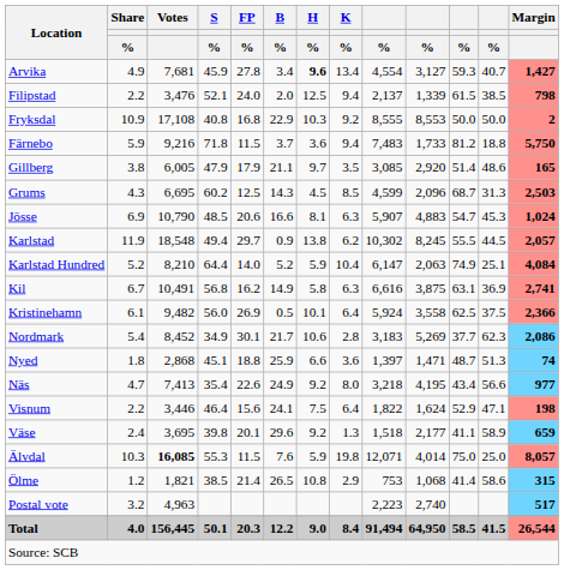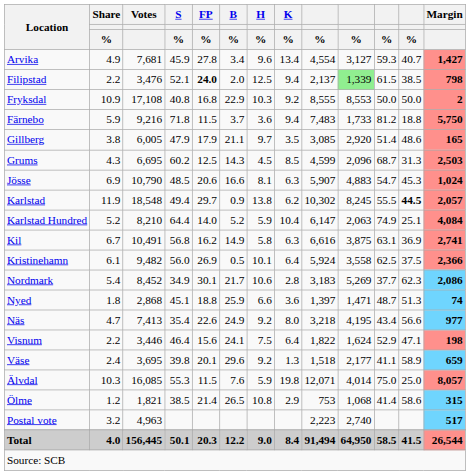 <table class="wikitable sortable" style="text-align:right; font-size:95%; line-height:20px;">
 <tr>
 <th rowspan="3">Location</th>
 <th>Share</th>
 <th>Votes</th>
 <th width="30px" class="unsortable"><a href='#'>S</a></th>
 <th width="30px" class="unsortable"><a href='#'>FP</a></th>
 <th width="30px" class="unsortable"><a href='#'>B</a></th>
 <th width="30px" class="unsortable"><a href='#'>H</a></th>
 <th width="30px" class="unsortable"><a href='#'>K</a></th>
 <th></th>
 <th></th>
 <th></th>
 <th></th>
 <th>Margin</th>
 </tr>
 <tr>
 <th></th>
 <th></th>
 <th style="background:"></th>
 <th style="background:"></th>
 <th style="background:"></th>
 <th style="background:"></th>
 <th style="background:"></th>
 <th style="background:"></th>
 <th style="background:"></th>
 <th style="background:"></th>
 <th style="background:"></th>
 <th></th>
 </tr>
 <tr>
 <th data-sort-type="number">%</th>
 <th></th>
 <th data-sort-type="number">%</th>
 <th data-sort-type="number">%</th>
 <th data-sort-type="number">%</th>
 <th data-sort-type="number">%</th>
 <th data-sort-type="number">%</th>
 <th data-sort-type="number">%</th>
 <th data-sort-type="number">%</th>
 <th data-sort-type="number">%</th>
 <th data-sort-type="number">%</th>
 <th data-sort-type="number"></th>
 </tr>
 <tr>
 <td align=left><a href='#'>Arvika</a></td>
 <td>4.9</td>
 <td>7,681</td>
 <td>45.9</td>
 <td>27.8</td>
 <td>3.4</td>
-<td><strong>9.6</strong></td>
+<td>9.6</td>
 <td>13.4</td>
 <td>4,554</td>
 <td>3,127</td>
 <td>59.3</td>
 <td>40.7</td>
 <td bgcolor=#ff908c><strong>1,427</strong></td>
 </tr>
 <tr>
 <td align=left><a href='#'>Filipstad</a></td>
 <td>2.2</td>
 <td>3,476</td>
 <td>52.1</td>
-<td>24.0</td>
+<td><strong>24.0</strong></td>
 <td>2.0</td>
 <td>12.5</td>
 <td>9.4</td>
 <td>2,137</td>
-<td>1,339</td>
+<td style="background: lightgreen;">1,339</td>
 <td>61.5</td>
 <td>38.5</td>
 <td bgcolor=#ff908c><strong>798</strong></td>
 </tr>
 <tr>
 <td align=left><a href='#'>Fryksdal</a></td>
 <td>10.9</td>
 <td>17,108</td>
 <td>40.8</td>
 <td>16.8</td>
 <td>22.9</td>
 <td>10.3</td>
 <td>9.2</td>
 <td>8,555</td>
 <td>8,553</td>
 <td>50.0</td>
 <td>50.0</td>
 <td bgcolor=#ff908c><strong>2</strong></td>
 </tr>
 <tr>
 <td align=left><a href='#'>Färnebo</a></td>
 <td>5.9</td>
 <td>9,216</td>
 <td>71.8</td>
 <td>11.5</td>
 <td>3.7</td>
 <td>3.6</td>
 <td>9.4</td>
 <td>7,483</td>
 <td>1,733</td>
 <td>81.2</td>
 <td>18.8</td>
 <td bgcolor=#ff908c><strong>5,750</strong></td>
 </tr>
 <tr>
 <td align=left><a href='#'>Gillberg</a></td>
 <td>3.8</td>
 <td>6,005</td>
 <td>47.9</td>
 <td>17.9</td>
 <td>21.1</td>
 <td>9.7</td>
 <td>3.5</td>
 <td>3,085</td>
 <td>2,920</td>
 <td>51.4</td>
 <td>48.6</td>
 <td bgcolor=#ff908c><strong>165</strong></td>
 </tr>
 <tr>
 <td align=left><a href='#'>Grums</a></td>
 <td>4.3</td>
 <td>6,695</td>
 <td>60.2</td>
 <td>12.5</td>
 <td>14.3</td>
 <td>4.5</td>
 <td>8.5</td>
 <td>4,599</td>
 <td>2,096</td>
 <td>68.7</td>
 <td>31.3</td>
 <td bgcolor=#ff908c><strong>2,503</strong></td>
 </tr>
 <tr>
 <td align=left><a href='#'>Jösse</a></td>
 <td>6.9</td>
 <td>10,790</td>
 <td>48.5</td>
 <td>20.6</td>
 <td>16.6</td>
 <td>8.1</td>
 <td>6.3</td>
 <td>5,907</td>
 <td>4,883</td>
 <td>54.7</td>
 <td>45.3</td>
 <td bgcolor=#ff908c><strong>1,024</strong></td>
 </tr>
 <tr>
 <td align=left><a href='#'>Karlstad</a></td>
 <td>11.9</td>
 <td>18,548</td>
 <td>49.4</td>
 <td>29.7</td>
 <td>0.9</td>
 <td>13.8</td>
 <td>6.2</td>
 <td>10,302</td>
 <td>8,245</td>
 <td>55.5</td>
-<td>44.5</td>
+<td><strong>44.5</strong></td>
 <td bgcolor=#ff908c><strong>2,057</strong></td>
 </tr>
 <tr>
 <td align=left><a href='#'>Karlstad Hundred</a></td>
 <td>5.2</td>
 <td>8,210</td>
 <td>64.4</td>
 <td>14.0</td>
 <td>5.2</td>
 <td>5.9</td>
 <td>10.4</td>
 <td>6,147</td>
 <td>2,063</td>
 <td>74.9</td>
 <td>25.1</td>
 <td bgcolor=#ff908c><strong>4,084</strong></td>
 </tr>
 <tr>
 <td align=left><a href='#'>Kil</a></td>
 <td>6.7</td>
 <td>10,491</td>
 <td>56.8</td>
 <td>16.2</td>
 <td>14.9</td>
 <td>5.8</td>
 <td>6.3</td>
 <td>6,616</td>
 <td>3,875</td>
 <td>63.1</td>
 <td>36.9</td>
 <td bgcolor=#ff908c><strong>2,741</strong></td>
 </tr>
 <tr>
 <td align=left><a href='#'>Kristinehamn</a></td>
 <td>6.1</td>
 <td>9,482</td>
 <td>56.0</td>
 <td>26.9</td>
 <td>0.5</td>
 <td>10.1</td>
 <td>6.4</td>
 <td>5,924</td>
 <td>3,558</td>
 <td>62.5</td>
 <td>37.5</td>
 <td bgcolor=#ff908c><strong>2,366</strong></td>
 </tr>
 <tr>
 <td align=left><a href='#'>Nordmark</a></td>
 <td>5.4</td>
 <td>8,452</td>
 <td>34.9</td>
 <td>30.1</td>
 <td>21.7</td>
 <td>10.6</td>
 <td>2.8</td>
 <td>3,183</td>
 <td>5,269</td>
 <td>37.7</td>
 <td>62.3</td>
 <td bgcolor=#6fd5fe><strong>2,086</strong></td>
 </tr>
 <tr>
 <td align=left><a href='#'>Nyed</a></td>
 <td>1.8</td>
 <td>2,868</td>
 <td>45.1</td>
 <td>18.8</td>
 <td>25.9</td>
 <td>6.6</td>
 <td>3.6</td>
 <td>1,397</td>
 <td>1,471</td>
 <td>48.7</td>
 <td>51.3</td>
 <td bgcolor=#6fd5fe><strong>74</strong></td>
 </tr>
 <tr>
 <td align=left><a href='#'>Näs</a></td>
 <td>4.7</td>
 <td>7,413</td>
 <td>35.4</td>
 <td>22.6</td>
 <td>24.9</td>
 <td>9.2</td>
 <td>8.0</td>
 <td>3,218</td>
 <td>4,195</td>
 <td>43.4</td>
 <td>56.6</td>
 <td bgcolor=#6fd5fe><strong>977</strong></td>
 </tr>
 <tr>
 <td align=left><a href='#'>Visnum</a></td>
 <td>2.2</td>
 <td>3,446</td>
 <td>46.4</td>
 <td>15.6</td>
 <td>24.1</td>
 <td>7.5</td>
 <td>6.4</td>
 <td>1,822</td>
 <td>1,624</td>
 <td>52.9</td>
 <td>47.1</td>
 <td bgcolor=#ff908c><strong>198</strong></td>
 </tr>
 <tr>
 <td align=left><a href='#'>Väse</a></td>
 <td>2.4</td>
 <td>3,695</td>
 <td>39.8</td>
 <td>20.1</td>
 <td>29.6</td>
 <td>9.2</td>
 <td>1.3</td>
 <td>1,518</td>
 <td>2,177</td>
 <td>41.1</td>
 <td>58.9</td>
 <td bgcolor=#6fd5fe><strong>659</strong></td>
 </tr>
 <tr>
 <td align=left><a href='#'>Älvdal</a></td>
 <td>10.3</td>
-<td><strong>16,085</strong></td>
+<td>16,085</td>
 <td>55.3</td>
 <td>11.5</td>
 <td>7.6</td>
 <td>5.9</td>
 <td>19.8</td>
 <td>12,071</td>
 <td>4,014</td>
 <td>75.0</td>
 <td>25.0</td>
 <td bgcolor=#ff908c><strong>8,057</strong></td>
 </tr>
 <tr>
 <td align=left><a href='#'>Ölme</a></td>
 <td>1.2</td>
 <td>1,821</td>
 <td>38.5</td>
 <td>21.4</td>
 <td>26.5</td>
 <td>10.8</td>
 <td>2.9</td>
 <td>753</td>
 <td>1,068</td>
 <td>41.4</td>
 <td>58.6</td>
 <td bgcolor=#6fd5fe><strong>315</strong></td>
 </tr>
 <tr>
 <td align=left><a href='#'>Postal vote</a></td>
 <td>3.2</td>
 <td>4,963</td>
 <td></td>
 <td></td>
 <td></td>
 <td></td>
 <td></td>
 <td>2,223</td>
 <td>2,740</td>
 <td></td>
 <td></td>
 <td bgcolor=#6fd5fe><strong>517</strong></td>
 </tr>
 <tr>
 </tr>
 <tr style="background:#CDCDCD;">
 <td align=left><strong>Total</strong></td>
 <td><strong>4.0</strong></td>
 <td><strong>156,445</strong></td>
 <td><strong>50.1</strong></td>
 <td><strong>20.3</strong></td>
 <td><strong>12.2</strong></td>
 <td><strong>9.0</strong></td>
 <td><strong>8.4</strong></td>
 <td><strong>91,494</strong></td>
 <td><strong>64,950</strong></td>
 <td><strong>58.5</strong></td>
 <td><strong>41.5</strong></td>
 <td bgcolor=#ff908c><strong>26,544</strong></td>
 </tr>
 <tr>
 <td align=left colspan=13>Source: SCB </td>
 </tr>
 </table>
